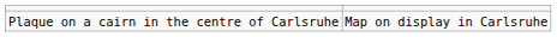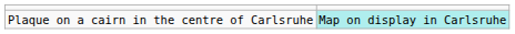 <table class="wikitable">
 <tr>
 <td></td>
 <td></td>
 </tr>
 <tr>
 <td>Plaque on a cairn in the centre of Carlsruhe</td>
-<td>Map on display in Carlsruhe</td>
+<td style="background: paleturquoise;">Map on display in Carlsruhe</td>
 </tr>
 </table>
